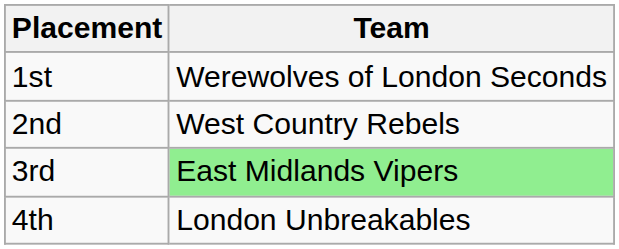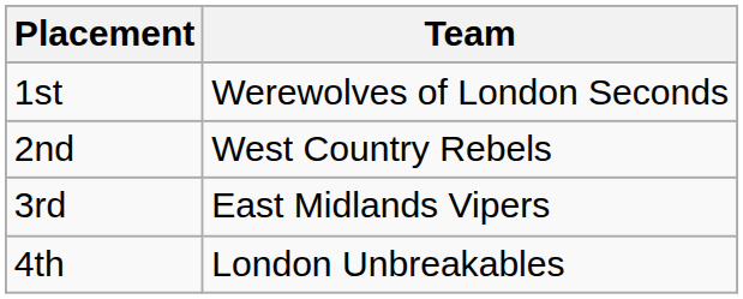 <table class="wikitable">
 <tr>
 <th>Placement</th>
 <th>Team</th>
 </tr>
 <tr>
 <td>1st</td>
 <td>Werewolves of London Seconds</td>
 </tr>
 <tr>
 <td>2nd</td>
 <td>West Country Rebels</td>
 </tr>
 <tr>
 <td>3rd</td>
-<td style="background: lightgreen;">East Midlands Vipers</td>
+<td>East Midlands Vipers</td>
 </tr>
 <tr>
 <td>4th</td>
 <td>London Unbreakables</td>
 </tr>
 </table>
